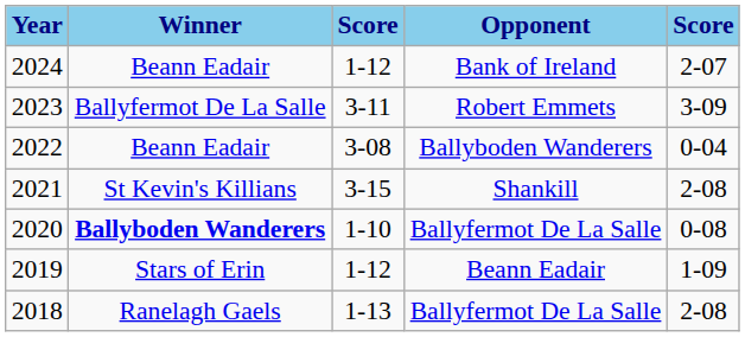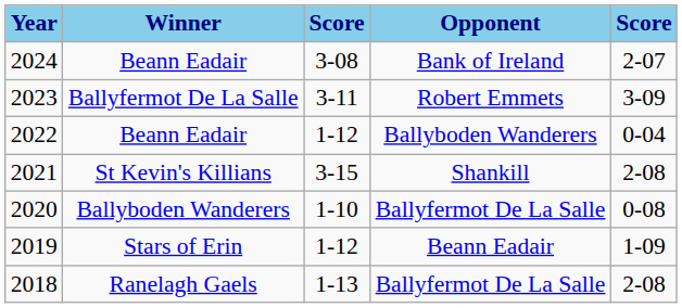 <table class="wikitable" style="text-align:center;">
 <tr>
 <th style="background:skyblue;color:navy;">Year</th>
 <th style="background:skyblue;color:navy;">Winner</th>
 <th style="background:skyblue;color:navy;">Score</th>
 <th style="background:skyblue;color:navy;">Opponent</th>
 <th style="background:skyblue;color:navy;">Score</th>
 </tr>
 <tr>
 <td>2024</td>
 <td><a href='#'>Beann Eadair</a></td>
-<td>1-12</td>
+<td>3-08</td>
 <td><a href='#'>Bank of Ireland</a></td>
 <td>2-07</td>
 </tr>
 <tr>
 <td>2023</td>
 <td><a href='#'>Ballyfermot De La Salle</a></td>
 <td>3-11</td>
 <td><a href='#'>Robert Emmets</a></td>
 <td>3-09</td>
 </tr>
 <tr>
 <td>2022</td>
 <td><a href='#'>Beann Eadair</a></td>
-<td>3-08</td>
+<td>1-12</td>
 <td><a href='#'>Ballyboden Wanderers</a></td>
 <td>0-04</td>
 </tr>
 <tr>
 <td>2021</td>
 <td><a href='#'>St Kevin's Killians</a></td>
 <td>3-15</td>
 <td><a href='#'>Shankill</a></td>
 <td>2-08</td>
 </tr>
 <tr>
 <td>2020</td>
-<td><strong><a href='#'>Ballyboden Wanderers</a></strong></td>
+<td><a href='#'>Ballyboden Wanderers</a></td>
 <td>1-10</td>
 <td><a href='#'>Ballyfermot De La Salle</a></td>
 <td>0-08</td>
 </tr>
 <tr>
 <td>2019</td>
 <td><a href='#'>Stars of Erin</a></td>
 <td>1-12</td>
 <td><a href='#'>Beann Eadair</a></td>
 <td>1-09</td>
 </tr>
 <tr>
 <td>2018</td>
 <td><a href='#'>Ranelagh Gaels</a></td>
 <td>1-13</td>
 <td><a href='#'>Ballyfermot De La Salle</a></td>
 <td>2-08</td>
 </tr>
 </table>
